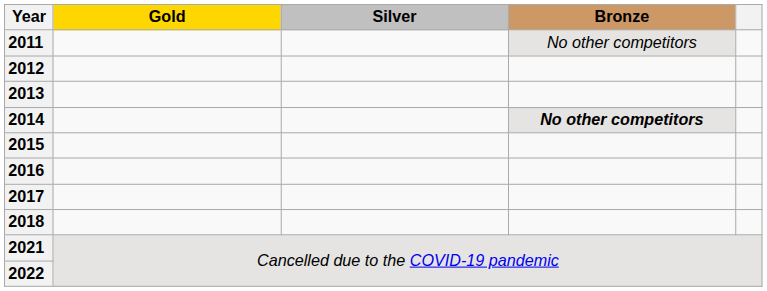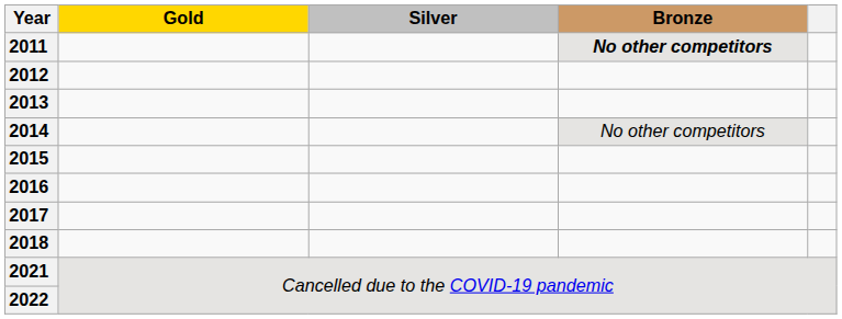 <table class="wikitable unsortable" style="text-align:left; width:85%">
 <tr>
 <th scope="col" style="text-align:center">Year</th>
 <td scope="col" style="text-align:center; width:30%; background:gold"><strong>Gold</strong></td>
 <td scope="col" style="text-align:center; width:30%; background:silver"><strong>Silver</strong></td>
 <td scope="col" style="text-align:center; width:30%; background:#c96"><strong>Bronze</strong></td>
 <th scope="col" style="text-align:center"></th>
 </tr>
 <tr>
 <th scope="row" style="text-align:left">2011</th>
 <td></td>
 <td></td>
-<td align="center" bgcolor="e5e4e2"><em>No other competitors</em></td>
+<td align="center" bgcolor="e5e4e2"><strong><em>No other competitors</em></strong></td>
 <td></td>
 </tr>
 <tr>
 <th scope="row" style="text-align:left">2012</th>
 <td></td>
 <td></td>
 <td></td>
 <td></td>
 </tr>
 <tr>
 <th scope="row" style="text-align:left">2013</th>
 <td></td>
 <td></td>
 <td></td>
 <td></td>
 </tr>
 <tr>
 <th scope="row" style="text-align:left">2014</th>
 <td></td>
 <td></td>
-<td align="center" bgcolor="e5e4e2"><strong><em>No other competitors</em></strong></td>
+<td align="center" bgcolor="e5e4e2"><em>No other competitors</em></td>
 <td></td>
 </tr>
 <tr>
 <th scope="row" style="text-align:left">2015</th>
 <td></td>
 <td></td>
 <td></td>
 <td></td>
 </tr>
 <tr>
 <th scope="row" style="text-align:left">2016</th>
 <td></td>
 <td></td>
 <td></td>
 <td></td>
 </tr>
 <tr>
 <th scope="row" style="text-align:left">2017</th>
 <td></td>
 <td></td>
 <td></td>
 <td></td>
 </tr>
 <tr>
 <th scope="row" style="text-align:left">2018</th>
 <td></td>
 <td></td>
 <td></td>
 <td></td>
 </tr>
 <tr>
 <th scope="row" style="text-align:left">2021</th>
 <td rowspan="2" colspan="4" align="center" bgcolor="e5e4e2"><em>Cancelled due to the <a href='#'>COVID-19 pandemic</a></em></td>
 </tr>
 <tr>
 <th scope="row" style="text-align:left">2022</th>
 </tr>
 </table>
